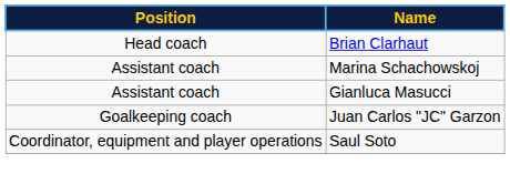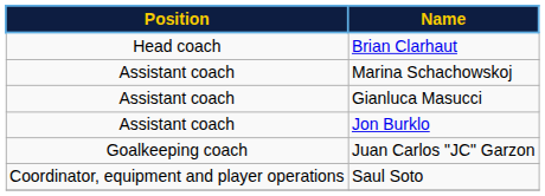 <table class="wikitable" style="text-align:center;">
 <tr>
 <th style="background:#0D1D41; color:#F8CC00; border:2px solid #5FAFE4;">Position</th>
 <th style="background:#0D1D41; color:#F8CC00; border:2px solid #5FAFE4;">Name</th>
 </tr>
 <tr>
 <td>Head coach</td>
 <td align=left> <a href='#'>Brian Clarhaut</a></td>
 </tr>
 <tr>
 <td>Assistant coach</td>
 <td align=left> Marina Schachowskoj</td>
 </tr>
 <tr>
 <td>Assistant coach</td>
 <td align=left> Gianluca Masucci</td>
 </tr>
 <tr>
+<td>Assistant coach</td>
+<td align=left> <a href='#'>Jon Burklo</a></td>
+</tr>
+<tr>
 <td>Goalkeeping coach</td>
 <td align=left> Juan Carlos "JC" Garzon</td>
 </tr>
 <tr>
 <td>Coordinator, equipment and player operations</td>
 <td align=left> Saul Soto</td>
 </tr>
 <tr>
 </tr>
 </table>
